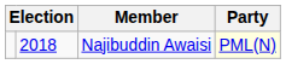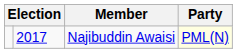 <table class="wikitable">
 <tr>
 <th colspan="2">Election</th>
 <th>Member</th>
 <th>Party</th>
 </tr>
 <tr>
 <td style="background-color: "></td>
-<td><a href='#'>2018</a></td>
+<td><a href='#'>2017</a></td>
 <td><a href='#'>Najibuddin Awaisi</a></td>
 <td style="background: lightyellow;"><a href='#'>PML(N)</a></td>
 </tr>
 </table>
